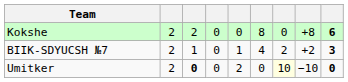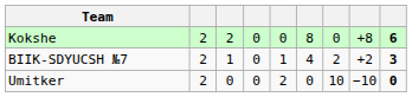 <table class="wikitable" style="text-align:center;">
 <tr>
 <th width=175>Team</th>
 <th width=20></th>
 <th width=20></th>
 <th width=20></th>
 <th width=20></th>
 <th width=20></th>
 <th width=20></th>
 <th width=20></th>
 <th width=20></th>
 </tr>
 <tr bgcolor=ccffcc>
 <td align="left">Kokshe</td>
 <td>2</td>
 <td>2</td>
 <td>0</td>
 <td>0</td>
 <td>8</td>
 <td>0</td>
 <td>+8</td>
 <td><strong>6</strong></td>
 </tr>
 <tr>
 <td align="left">BIIK-SDYUCSH №7</td>
 <td>2</td>
 <td>1</td>
 <td>0</td>
 <td>1</td>
 <td>4</td>
 <td>2</td>
 <td>+2</td>
 <td><strong>3</strong></td>
 </tr>
 <tr>
 <td align="left">Umitker</td>
 <td>2</td>
-<td><strong>0</strong></td>
+<td>0</td>
 <td>0</td>
 <td>2</td>
 <td>0</td>
-<td style="background: lightyellow;">10</td>
+<td>10</td>
 <td>−10</td>
 <td><strong>0</strong></td>
 </tr>
 </table>
